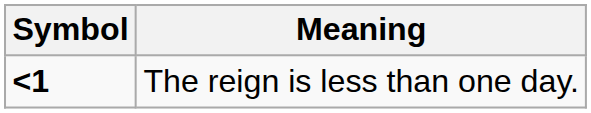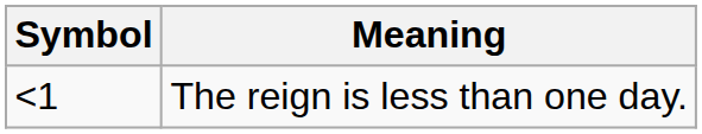 <table class="wikitable">
 <tr>
 <th>Symbol</th>
 <th>Meaning</th>
 </tr>
 <tr>
-<td><strong><1</strong></td>
+<td><1</td>
 <td>The reign is less than one day.</td>
 </tr>
 </table>
